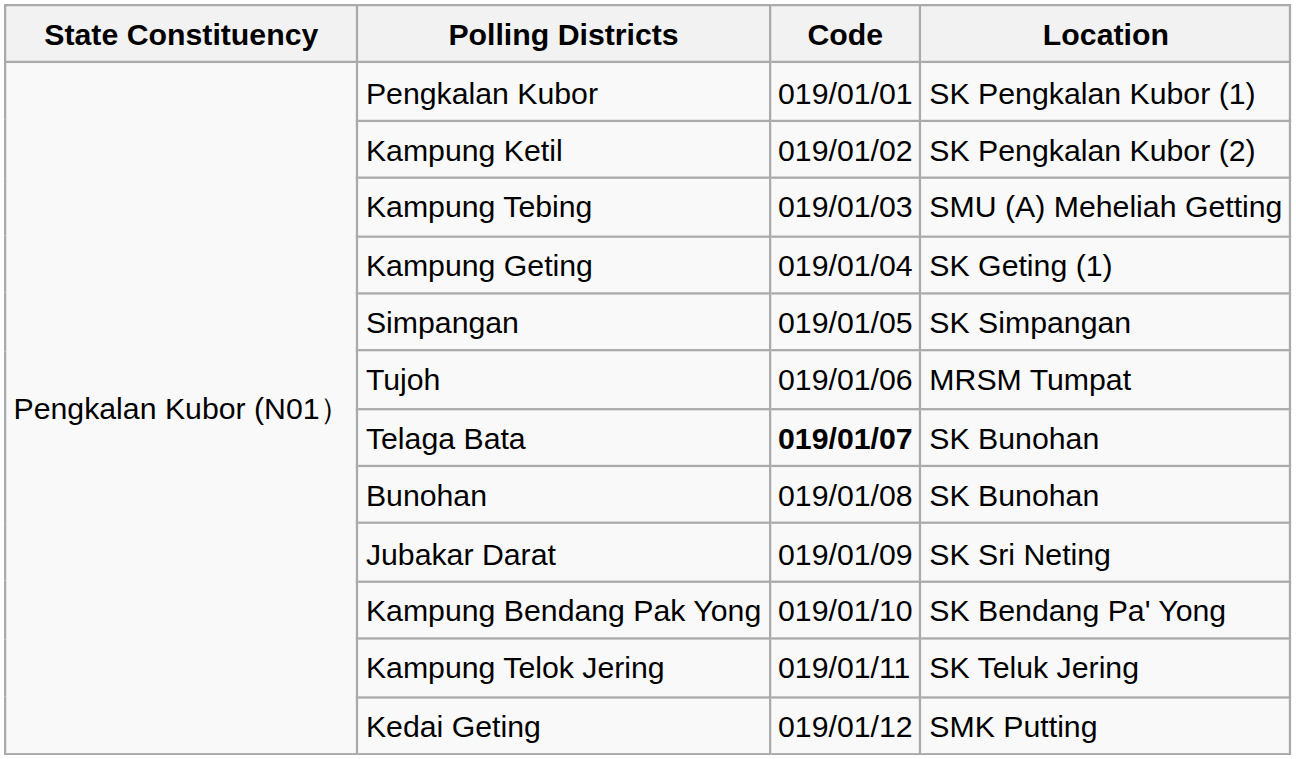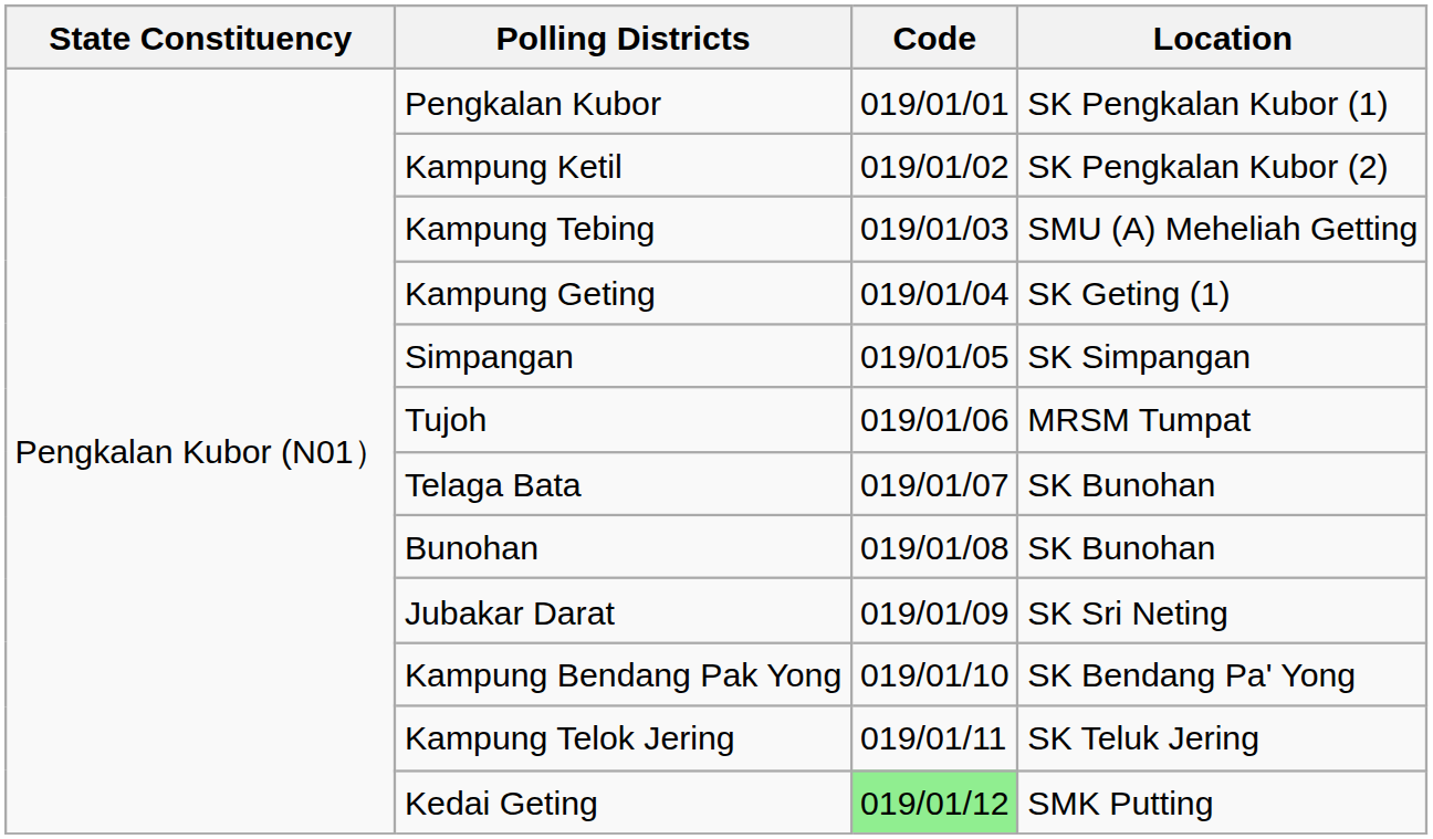 <table class="wikitable sortable mw-collapsible">
 <tr>
 <th><small>State Constituency</small></th>
 <th><small>Polling Districts</small></th>
 <th><small>Code</small></th>
 <th><small>Location</small></th>
 </tr>
 <tr>
 <td rowspan="12"><small>Pengkalan Kubor (N01）</small></td>
 <td><small>Pengkalan Kubor</small></td>
 <td><small>019/01/01</small></td>
 <td><small>SK Pengkalan Kubor (1)</small></td>
 </tr>
 <tr>
 <td><small>Kampung Ketil</small></td>
 <td><small>019/01/02</small></td>
 <td><small>SK Pengkalan Kubor (2)</small></td>
 </tr>
 <tr>
 <td><small>Kampung Tebing</small></td>
 <td><small>019/01/03</small></td>
 <td><small>SMU (A) Meheliah Getting</small></td>
 </tr>
 <tr>
 <td><small>Kampung Geting</small></td>
 <td><small>019/01/04</small></td>
 <td><small>SK Geting (1)</small></td>
 </tr>
 <tr>
 <td><small>Simpangan</small></td>
 <td><small>019/01/05</small></td>
 <td><small>SK Simpangan</small></td>
 </tr>
 <tr>
 <td><small>Tujoh</small></td>
 <td><small>019/01/06</small></td>
 <td><small>MRSM Tumpat</small></td>
 </tr>
 <tr>
 <td><small>Telaga Bata</small></td>
-<td><strong><small>019/01/07</small></strong></td>
+<td><small>019/01/07</small></td>
 <td><small>SK Bunohan</small></td>
 </tr>
 <tr>
 <td><small>Bunohan</small></td>
 <td><small>019/01/08</small></td>
 <td><small>SK Bunohan</small></td>
 </tr>
 <tr>
 <td><small>Jubakar Darat</small></td>
 <td><small>019/01/09</small></td>
 <td><small>SK Sri Neting</small></td>
 </tr>
 <tr>
 <td><small>Kampung Bendang Pak Yong</small></td>
 <td><small>019/01/10</small></td>
 <td><small>SK Bendang Pa' Yong</small></td>
 </tr>
 <tr>
 <td><small>Kampung Telok Jering</small></td>
 <td><small>019/01/11</small></td>
 <td><small>SK Teluk Jering</small></td>
 </tr>
 <tr>
 <td><small>Kedai Geting</small></td>
-<td><small>019/01/12</small></td>
+<td style="background: lightgreen;"><small>019/01/12</small></td>
 <td><small>SMK Putting</small></td>
 </tr>
 </table>
